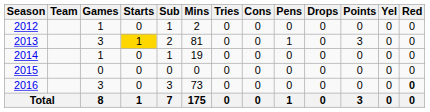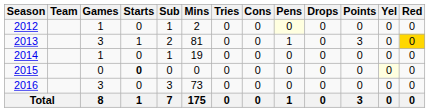 <table class="wikitable" style="text-align:center; line-height:90%; font-size:95%; width:70%;">
 <tr>
 <th>Season</th>
 <th>Team</th>
 <th>Games</th>
 <th>Starts</th>
 <th>Sub</th>
 <th>Mins</th>
 <th>Tries</th>
 <th>Cons</th>
 <th>Pens</th>
 <th>Drops</th>
 <th>Points</th>
 <th>Yel</th>
 <th>Red</th>
 </tr>
 <tr>
 <td><a href='#'>2012</a></td>
 <td></td>
 <td>1</td>
 <td>0</td>
 <td>1</td>
 <td>2</td>
 <td>0</td>
 <td>0</td>
-<td>0</td>
+<td style="background: lightyellow;">0</td>
 <td>0</td>
 <td>0</td>
 <td>0</td>
 <td>0</td>
 </tr>
 <tr>
 <td><a href='#'>2013</a></td>
 <td></td>
 <td>3</td>
-<td style="background: gold;">1</td>
+<td>1</td>
 <td>2</td>
 <td>81</td>
 <td>0</td>
 <td>0</td>
 <td>1</td>
 <td>0</td>
 <td>3</td>
 <td>0</td>
-<td>0</td>
+<td style="background: gold;">0</td>
 </tr>
 <tr>
 <td><a href='#'>2014</a></td>
 <td></td>
 <td>1</td>
 <td>0</td>
 <td>1</td>
 <td>19</td>
 <td>0</td>
 <td>0</td>
 <td>0</td>
 <td>0</td>
 <td>0</td>
 <td>0</td>
 <td>0</td>
 </tr>
 <tr>
 <td><a href='#'>2015</a></td>
 <td></td>
 <td>0</td>
+<td><strong>0</strong></td>
 <td>0</td>
 <td>0</td>
 <td>0</td>
 <td>0</td>
 <td>0</td>
 <td>0</td>
 <td>0</td>
-<td>0</td>
-<td>0</td>
+<td style="background: lightyellow;">0</td>
 <td>0</td>
 </tr>
 <tr>
 <td><a href='#'>2016</a></td>
 <td></td>
 <td>3</td>
 <td>0</td>
 <td>3</td>
 <td>73</td>
 <td>0</td>
 <td>0</td>
 <td>0</td>
 <td>0</td>
 <td>0</td>
 <td>0</td>
-<td><strong>0</strong></td>
+<td>0</td>
 </tr>
 <tr>
 <th colspan="2">Total</th>
 <th>8</th>
 <th>1</th>
 <th>7</th>
 <th>175</th>
 <th>0</th>
 <th>0</th>
 <th>1</th>
 <th>0</th>
 <th>3</th>
 <th>0</th>
 <th>0</th>
 </tr>
 </table>
